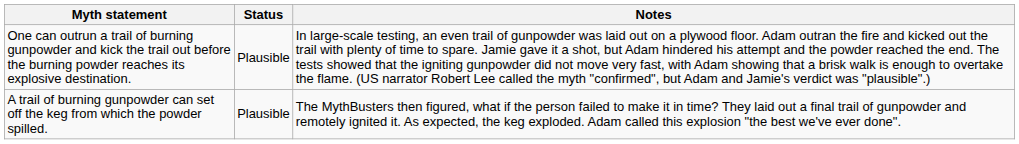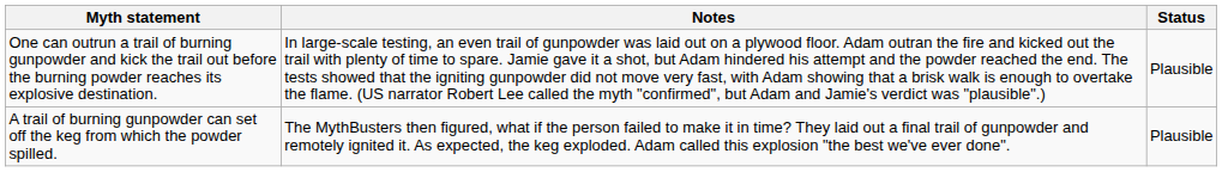 <table class="wikitable plainrowheaders">
 <tr>
 <th>Myth statement</th>
+<th>Notes</th>
 <th>Status</th>
-<th>Notes</th>
 </tr>
 <tr>
 <td>One can outrun a trail of burning gunpowder and kick the trail out before the burning powder reaches its explosive destination.</td>
+<td>In large-scale testing, an even trail of gunpowder was laid out on a plywood floor. Adam outran the fire and kicked out the trail with plenty of time to spare. Jamie gave it a shot, but Adam hindered his attempt and the powder reached the end. The tests showed that the igniting gunpowder did not move very fast, with Adam showing that a brisk walk is enough to overtake the flame. (US narrator Robert Lee called the myth "confirmed", but Adam and Jamie's verdict was "plausible".)</td>
 <td><span>Plausible</span></td>
-<td>In large-scale testing, an even trail of gunpowder was laid out on a plywood floor. Adam outran the fire and kicked out the trail with plenty of time to spare. Jamie gave it a shot, but Adam hindered his attempt and the powder reached the end. The tests showed that the igniting gunpowder did not move very fast, with Adam showing that a brisk walk is enough to overtake the flame. (US narrator Robert Lee called the myth "confirmed", but Adam and Jamie's verdict was "plausible".)</td>
 </tr>
 <tr>
 <td>A trail of burning gunpowder can set off the keg from which the powder spilled.</td>
+<td>The MythBusters then figured, what if the person failed to make it in time? They laid out a final trail of gunpowder and remotely ignited it. As expected, the keg exploded. Adam called this explosion "the best we've ever done".</td>
 <td><span>Plausible</span></td>
-<td>The MythBusters then figured, what if the person failed to make it in time? They laid out a final trail of gunpowder and remotely ignited it. As expected, the keg exploded. Adam called this explosion "the best we've ever done".</td>
 </tr>
 </table>
